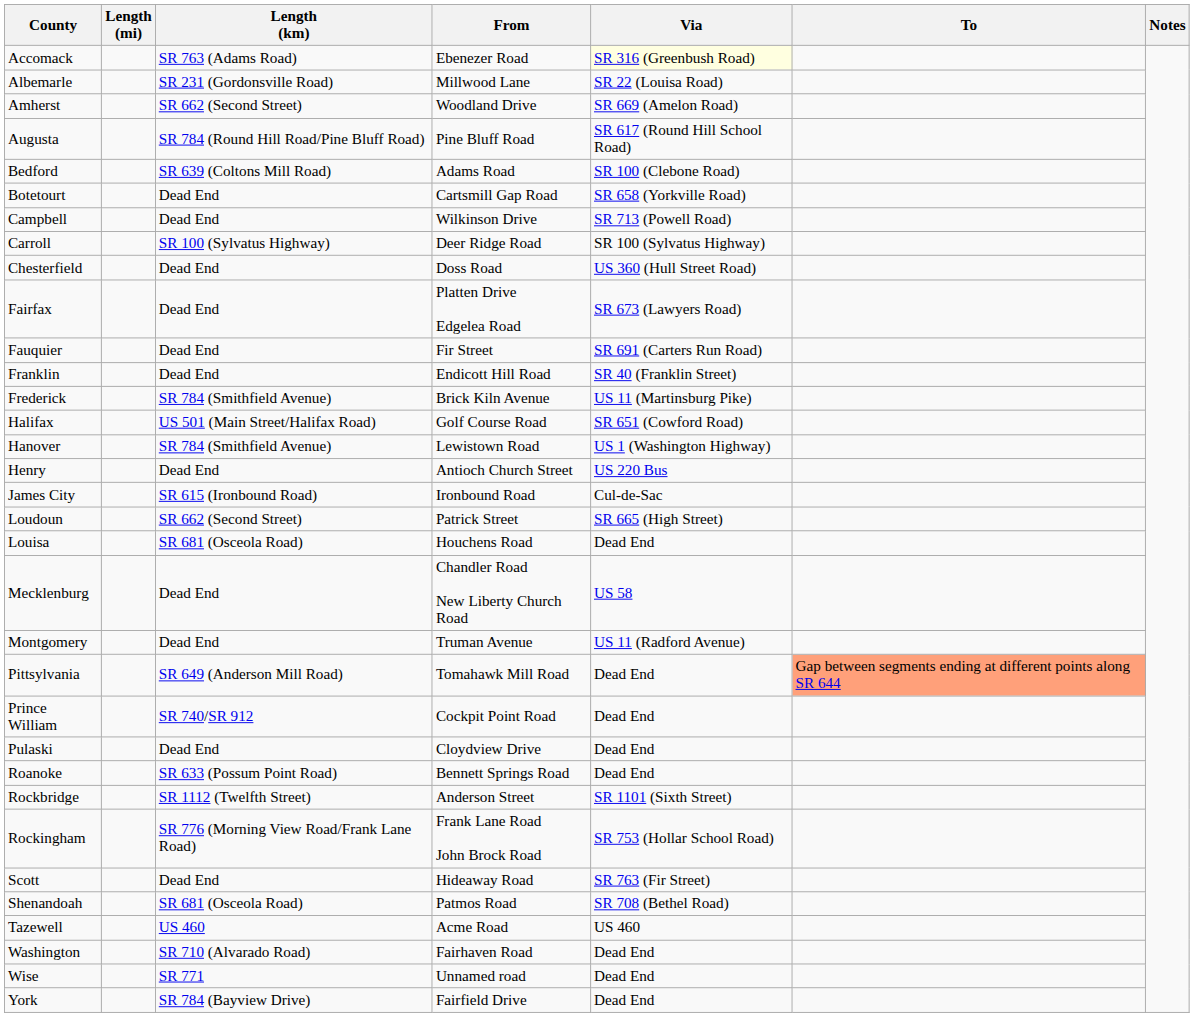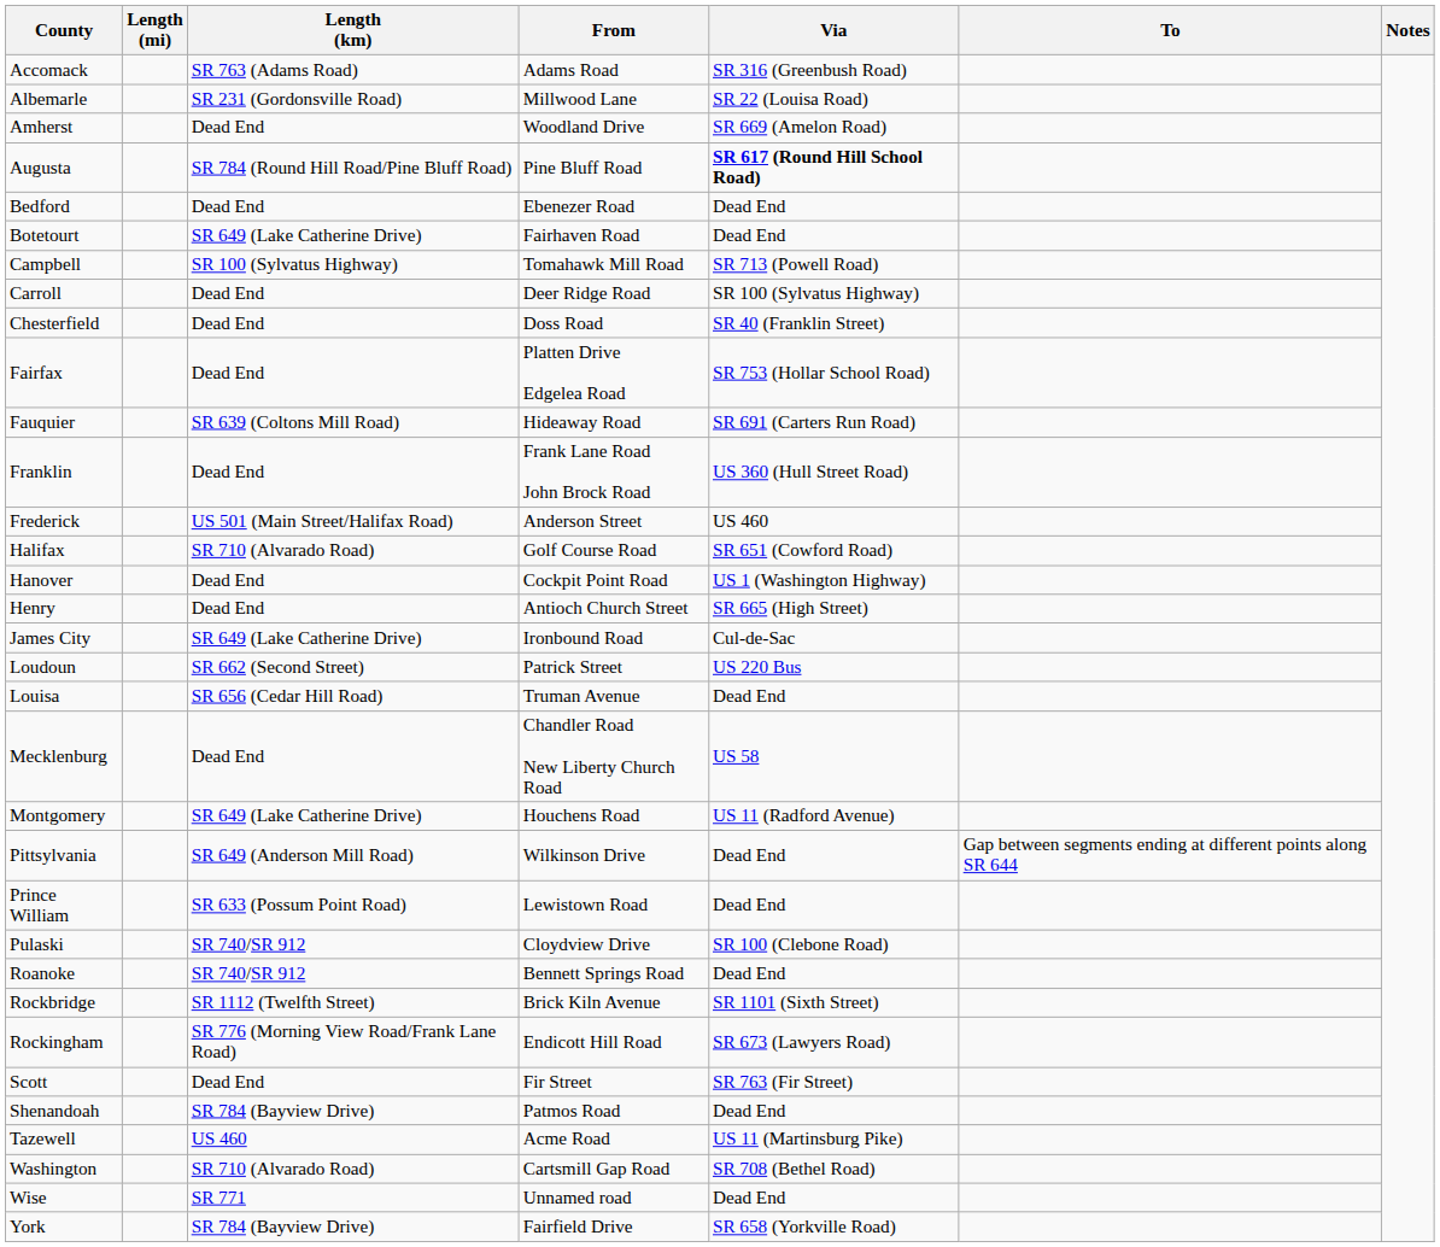 <table class="wikitable sortable">
 <tr>
 <th>County</th>
 <th>Length<br>(mi)</th>
 <th>Length<br>(km)</th>
 <th class="unsortable">From</th>
 <th class="unsortable">Via</th>
 <th class="unsortable">To</th>
 <th class="unsortable">Notes</th>
 </tr>
 <tr>
 <td id="Accomack">Accomack</td>
 <td></td>
 <td><a href='#'>SR 763</a> (Adams Road)</td>
-<td>Ebenezer Road</td>
-<td style="background: lightyellow;"><a href='#'>SR 316</a> (Greenbush Road)</td>
+<td>Adams Road</td>
+<td><a href='#'>SR 316</a> (Greenbush Road)</td>
 <td></td>
 </tr>
 <tr>
 <td id="Albemarle">Albemarle</td>
 <td></td>
 <td><a href='#'>SR 231</a> (Gordonsville Road)</td>
 <td>Millwood Lane</td>
 <td><a href='#'>SR 22</a> (Louisa Road)</td>
 <td><br> </td>
 </tr>
 <tr>
 <td id="Amherst">Amherst</td>
 <td></td>
-<td><a href='#'>SR 662</a> (Second Street)</td>
+<td>Dead End</td>
 <td>Woodland Drive</td>
 <td><a href='#'>SR 669</a> (Amelon Road)</td>
 <td><br> </td>
 </tr>
 <tr>
 <td id="Augusta">Augusta</td>
 <td></td>
 <td><a href='#'>SR 784</a> (Round Hill Road/Pine Bluff Road)</td>
 <td>Pine Bluff Road</td>
-<td><a href='#'>SR 617</a> (Round Hill School Road)</td>
+<td><strong><a href='#'>SR 617</a> (Round Hill School Road)</strong></td>
 <td><br></td>
 </tr>
 <tr>
 <td id="Bedford">Bedford</td>
 <td></td>
-<td><a href='#'>SR 639</a> (Coltons Mill Road)</td>
-<td>Adams Road</td>
-<td><a href='#'>SR 100</a> (Clebone Road)</td>
+<td>Dead End</td>
+<td>Ebenezer Road</td>
+<td>Dead End</td>
 <td><br></td>
 </tr>
 <tr>
 <td id="Botetourt">Botetourt</td>
 <td></td>
+<td><a href='#'>SR 649</a> (Lake Catherine Drive)</td>
+<td>Fairhaven Road</td>
 <td>Dead End</td>
-<td>Cartsmill Gap Road</td>
-<td><a href='#'>SR 658</a> (Yorkville Road)</td>
 <td><br>  </td>
 </tr>
 <tr>
 <td id="Campbell">Campbell</td>
 <td></td>
-<td>Dead End</td>
-<td>Wilkinson Drive</td>
+<td><a href='#'>SR 100</a> (Sylvatus Highway)</td>
+<td>Tomahawk Mill Road</td>
 <td><a href='#'>SR 713</a> (Powell Road)</td>
 <td><br></td>
 </tr>
 <tr>
 <td id="Carroll">Carroll</td>
 <td></td>
-<td><a href='#'>SR 100</a> (Sylvatus Highway)</td>
+<td>Dead End</td>
 <td>Deer Ridge Road</td>
 <td>SR 100 (Sylvatus Highway)</td>
 <td><br> </td>
 </tr>
 <tr>
 <td id="Chesterfield">Chesterfield</td>
 <td></td>
 <td>Dead End</td>
 <td>Doss Road</td>
-<td><a href='#'>US 360</a> (Hull Street Road)</td>
+<td><a href='#'>SR 40</a> (Franklin Street)</td>
 <td><br>      </td>
 </tr>
 <tr>
 <td id="Fairfax">Fairfax</td>
 <td></td>
 <td>Dead End</td>
 <td>Platten Drive<br><br>Edgelea Road</td>
-<td><a href='#'>SR 673</a> (Lawyers Road)</td>
+<td><a href='#'>SR 753</a> (Hollar School Road)</td>
 <td></td>
 </tr>
 <tr>
 <td id="Fauquier">Fauquier</td>
 <td></td>
-<td>Dead End</td>
-<td>Fir Street</td>
+<td><a href='#'>SR 639</a> (Coltons Mill Road)</td>
+<td>Hideaway Road</td>
 <td><a href='#'>SR 691</a> (Carters Run Road)</td>
 <td><br> </td>
 </tr>
 <tr>
 <td id="Franklin">Franklin</td>
 <td></td>
 <td>Dead End</td>
-<td>Endicott Hill Road</td>
-<td><a href='#'>SR 40</a> (Franklin Street)</td>
+<td>Frank Lane Road<br><br>John Brock Road</td>
+<td><a href='#'>US 360</a> (Hull Street Road)</td>
 <td></td>
 </tr>
 <tr>
 <td id="Frederick">Frederick</td>
 <td></td>
-<td><a href='#'>SR 784</a> (Smithfield Avenue)</td>
-<td>Brick Kiln Avenue</td>
-<td><a href='#'>US 11</a> (Martinsburg Pike)</td>
+<td><a href='#'>US 501</a> (Main Street/Halifax Road)</td>
+<td>Anderson Street</td>
+<td>US 460</td>
 <td><br>     </td>
 </tr>
 <tr>
 <td id="Halifax">Halifax</td>
 <td></td>
-<td><a href='#'>US 501</a> (Main Street/Halifax Road)</td>
+<td><a href='#'>SR 710</a> (Alvarado Road)</td>
 <td>Golf Course Road</td>
 <td><a href='#'>SR 651</a> (Cowford Road)</td>
 <td></td>
 </tr>
 <tr>
 <td id="Hanover">Hanover</td>
 <td></td>
-<td><a href='#'>SR 784</a> (Smithfield Avenue)</td>
-<td>Lewistown Road</td>
+<td>Dead End</td>
+<td>Cockpit Point Road</td>
 <td><a href='#'>US 1</a> (Washington Highway)</td>
 <td><br></td>
 </tr>
 <tr>
 <td id="Henry">Henry</td>
 <td></td>
 <td>Dead End</td>
 <td>Antioch Church Street</td>
-<td><a href='#'>US 220 Bus</a></td>
+<td><a href='#'>SR 665</a> (High Street)</td>
 <td><br> </td>
 </tr>
 <tr>
 <td id="James City">James City</td>
 <td></td>
-<td><a href='#'>SR 615</a> (Ironbound Road)</td>
+<td><a href='#'>SR 649</a> (Lake Catherine Drive)</td>
 <td>Ironbound Road</td>
 <td>Cul-de-Sac</td>
 <td><br>    </td>
 </tr>
 <tr>
 <td id="Loudoun">Loudoun</td>
 <td></td>
 <td><a href='#'>SR 662</a> (Second Street)</td>
 <td>Patrick Street</td>
-<td><a href='#'>SR 665</a> (High Street)</td>
+<td><a href='#'>US 220 Bus</a></td>
 <td></td>
 </tr>
 <tr>
 <td id="Louisa">Louisa</td>
 <td></td>
-<td><a href='#'>SR 681</a> (Osceola Road)</td>
-<td>Houchens Road</td>
+<td><a href='#'>SR 656</a> (Cedar Hill Road)</td>
+<td>Truman Avenue</td>
 <td>Dead End</td>
 <td><br>  </td>
 </tr>
 <tr>
 <td id="Mecklenburg">Mecklenburg</td>
 <td></td>
 <td>Dead End</td>
 <td>Chandler Road<br><br>New Liberty Church Road</td>
 <td><a href='#'>US 58</a></td>
 <td><br></td>
 </tr>
 <tr>
 <td id="Montgomery">Montgomery</td>
 <td></td>
-<td>Dead End</td>
-<td>Truman Avenue</td>
+<td><a href='#'>SR 649</a> (Lake Catherine Drive)</td>
+<td>Houchens Road</td>
 <td><a href='#'>US 11</a> (Radford Avenue)</td>
 <td><br>       </td>
 </tr>
 <tr>
 <td id="Pittsylvania">Pittsylvania</td>
 <td></td>
 <td><a href='#'>SR 649</a> (Anderson Mill Road)</td>
-<td>Tomahawk Mill Road</td>
+<td>Wilkinson Drive</td>
 <td>Dead End</td>
-<td style="background: lightsalmon;">Gap between segments ending at different points along <a href='#'>SR 644</a><br>  </td>
+<td>Gap between segments ending at different points along <a href='#'>SR 644</a><br>  </td>
 </tr>
 <tr>
 <td id="Prince William">Prince William</td>
 <td></td>
-<td><a href='#'>SR 740</a>/<a href='#'>SR 912</a></td>
-<td>Cockpit Point Road</td>
+<td><a href='#'>SR 633</a> (Possum Point Road)</td>
+<td>Lewistown Road</td>
 <td>Dead End</td>
 <td></td>
 </tr>
 <tr>
 <td id="Pulaski">Pulaski</td>
 <td></td>
-<td>Dead End</td>
+<td><a href='#'>SR 740</a>/<a href='#'>SR 912</a></td>
 <td>Cloydview Drive</td>
-<td>Dead End</td>
+<td><a href='#'>SR 100</a> (Clebone Road)</td>
 <td><br> </td>
 </tr>
 <tr>
 <td id="Roanoke">Roanoke</td>
 <td></td>
-<td><a href='#'>SR 633</a> (Possum Point Road)</td>
+<td><a href='#'>SR 740</a>/<a href='#'>SR 912</a></td>
 <td>Bennett Springs Road</td>
 <td>Dead End</td>
 <td></td>
 </tr>
 <tr>
 <td id="Rockbridge">Rockbridge</td>
 <td></td>
 <td><a href='#'>SR 1112</a> (Twelfth Street)</td>
-<td>Anderson Street</td>
+<td>Brick Kiln Avenue</td>
 <td><a href='#'>SR 1101</a> (Sixth Street)</td>
 <td></td>
 </tr>
 <tr>
 <td id="Rockingham">Rockingham</td>
 <td></td>
 <td><a href='#'>SR 776</a> (Morning View Road/Frank Lane Road)</td>
-<td>Frank Lane Road<br><br>John Brock Road</td>
-<td><a href='#'>SR 753</a> (Hollar School Road)</td>
+<td>Endicott Hill Road</td>
+<td><a href='#'>SR 673</a> (Lawyers Road)</td>
 <td><br></td>
 </tr>
 <tr>
 <td id="Scott">Scott</td>
 <td></td>
 <td>Dead End</td>
-<td>Hideaway Road</td>
+<td>Fir Street</td>
 <td><a href='#'>SR 763</a> (Fir Street)</td>
 <td></td>
 </tr>
 <tr>
 <td id="Shenandoah">Shenandoah</td>
 <td></td>
-<td><a href='#'>SR 681</a> (Osceola Road)</td>
+<td><a href='#'>SR 784</a> (Bayview Drive)</td>
 <td>Patmos Road</td>
-<td><a href='#'>SR 708</a> (Bethel Road)</td>
+<td>Dead End</td>
 <td><br>     </td>
 </tr>
 <tr>
 <td id="Tazewell">Tazewell</td>
 <td></td>
 <td><a href='#'>US 460</a></td>
 <td>Acme Road</td>
-<td>US 460</td>
+<td><a href='#'>US 11</a> (Martinsburg Pike)</td>
 <td><br></td>
 </tr>
 <tr>
 <td id="Washington">Washington</td>
 <td></td>
 <td><a href='#'>SR 710</a> (Alvarado Road)</td>
-<td>Fairhaven Road</td>
-<td>Dead End</td>
+<td>Cartsmill Gap Road</td>
+<td><a href='#'>SR 708</a> (Bethel Road)</td>
 <td><br></td>
 </tr>
 <tr>
 <td id="Wise">Wise</td>
 <td></td>
 <td><a href='#'>SR 771</a></td>
 <td>Unnamed road</td>
 <td>Dead End</td>
 <td><br></td>
 </tr>
 <tr>
 <td id="York">York</td>
 <td></td>
 <td><a href='#'>SR 784</a> (Bayview Drive)</td>
 <td>Fairfield Drive</td>
-<td>Dead End</td>
+<td><a href='#'>SR 658</a> (Yorkville Road)</td>
 <td></td>
 </tr>
 </table>
